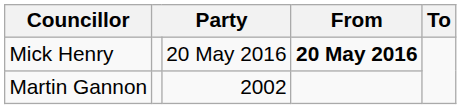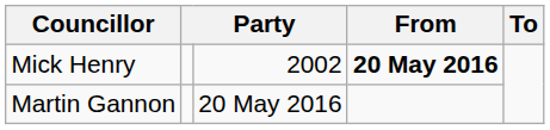 <table class=wikitable>
 <tr>
 <th>Councillor</th>
 <th colspan=2>Party</th>
 <th>From</th>
 <th>To</th>
 </tr>
 <tr>
 <td>Mick Henry</td>
 <td></td>
-<td align=right>20 May 2016</td>
+<td align=right>2002</td>
 <td align=right><strong>20 May 2016</strong></td>
 </tr>
 <tr>
 <td>Martin Gannon</td>
 <td></td>
-<td align=right>2002</td>
+<td align=right>20 May 2016</td>
 <td align=right></td>
 </tr>
 </table>
